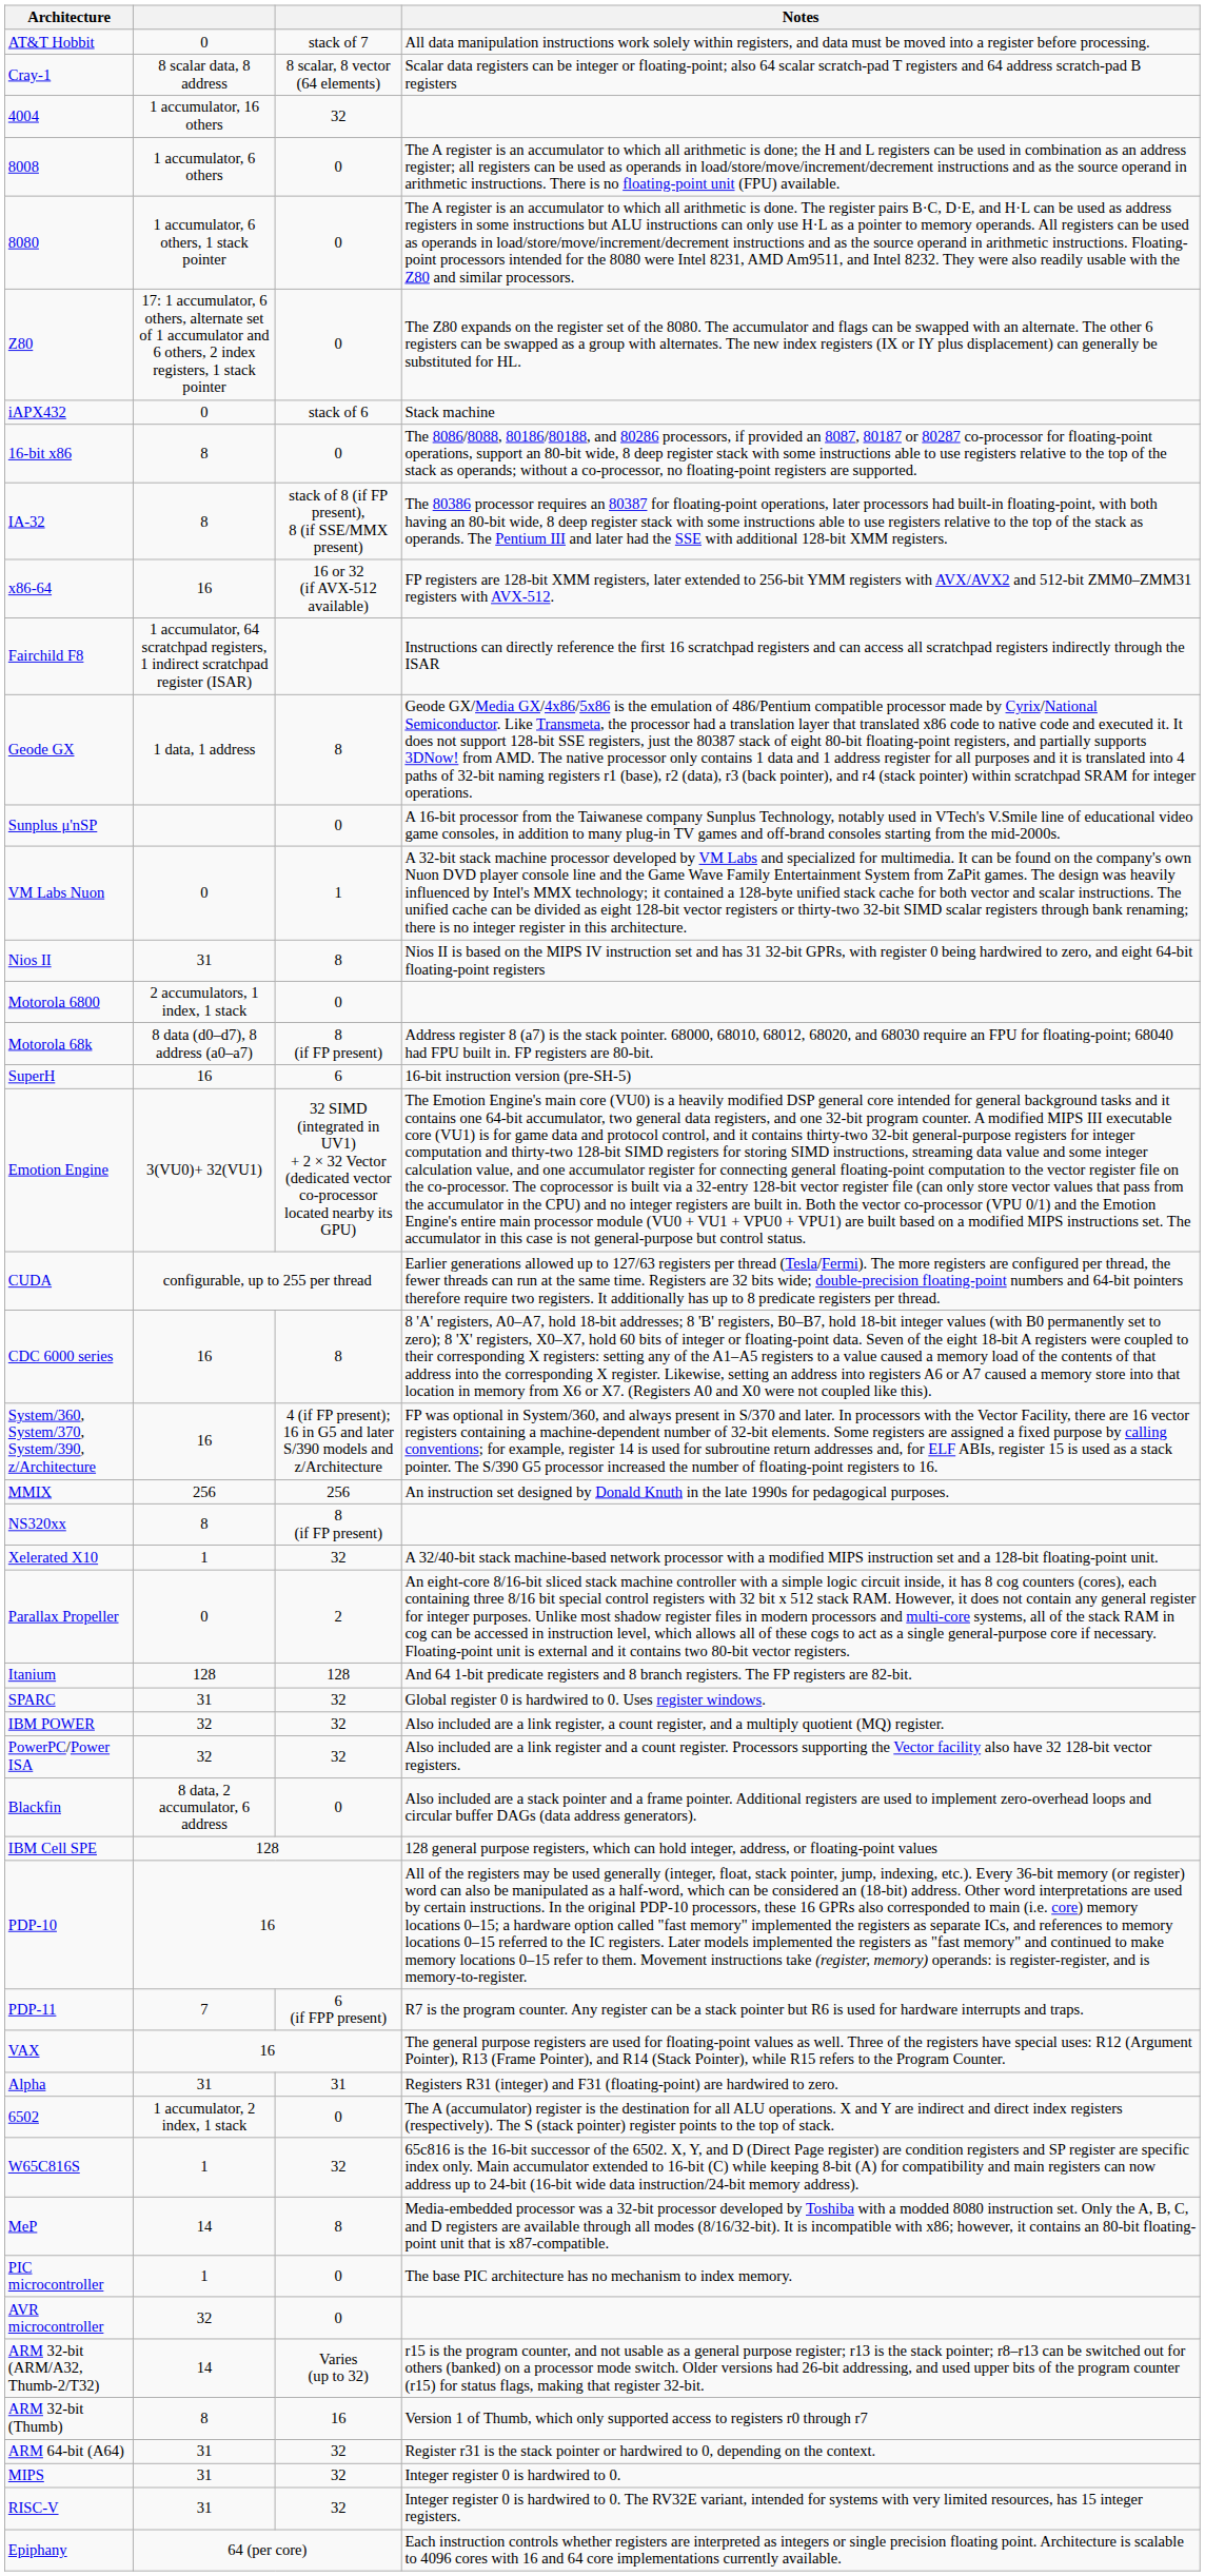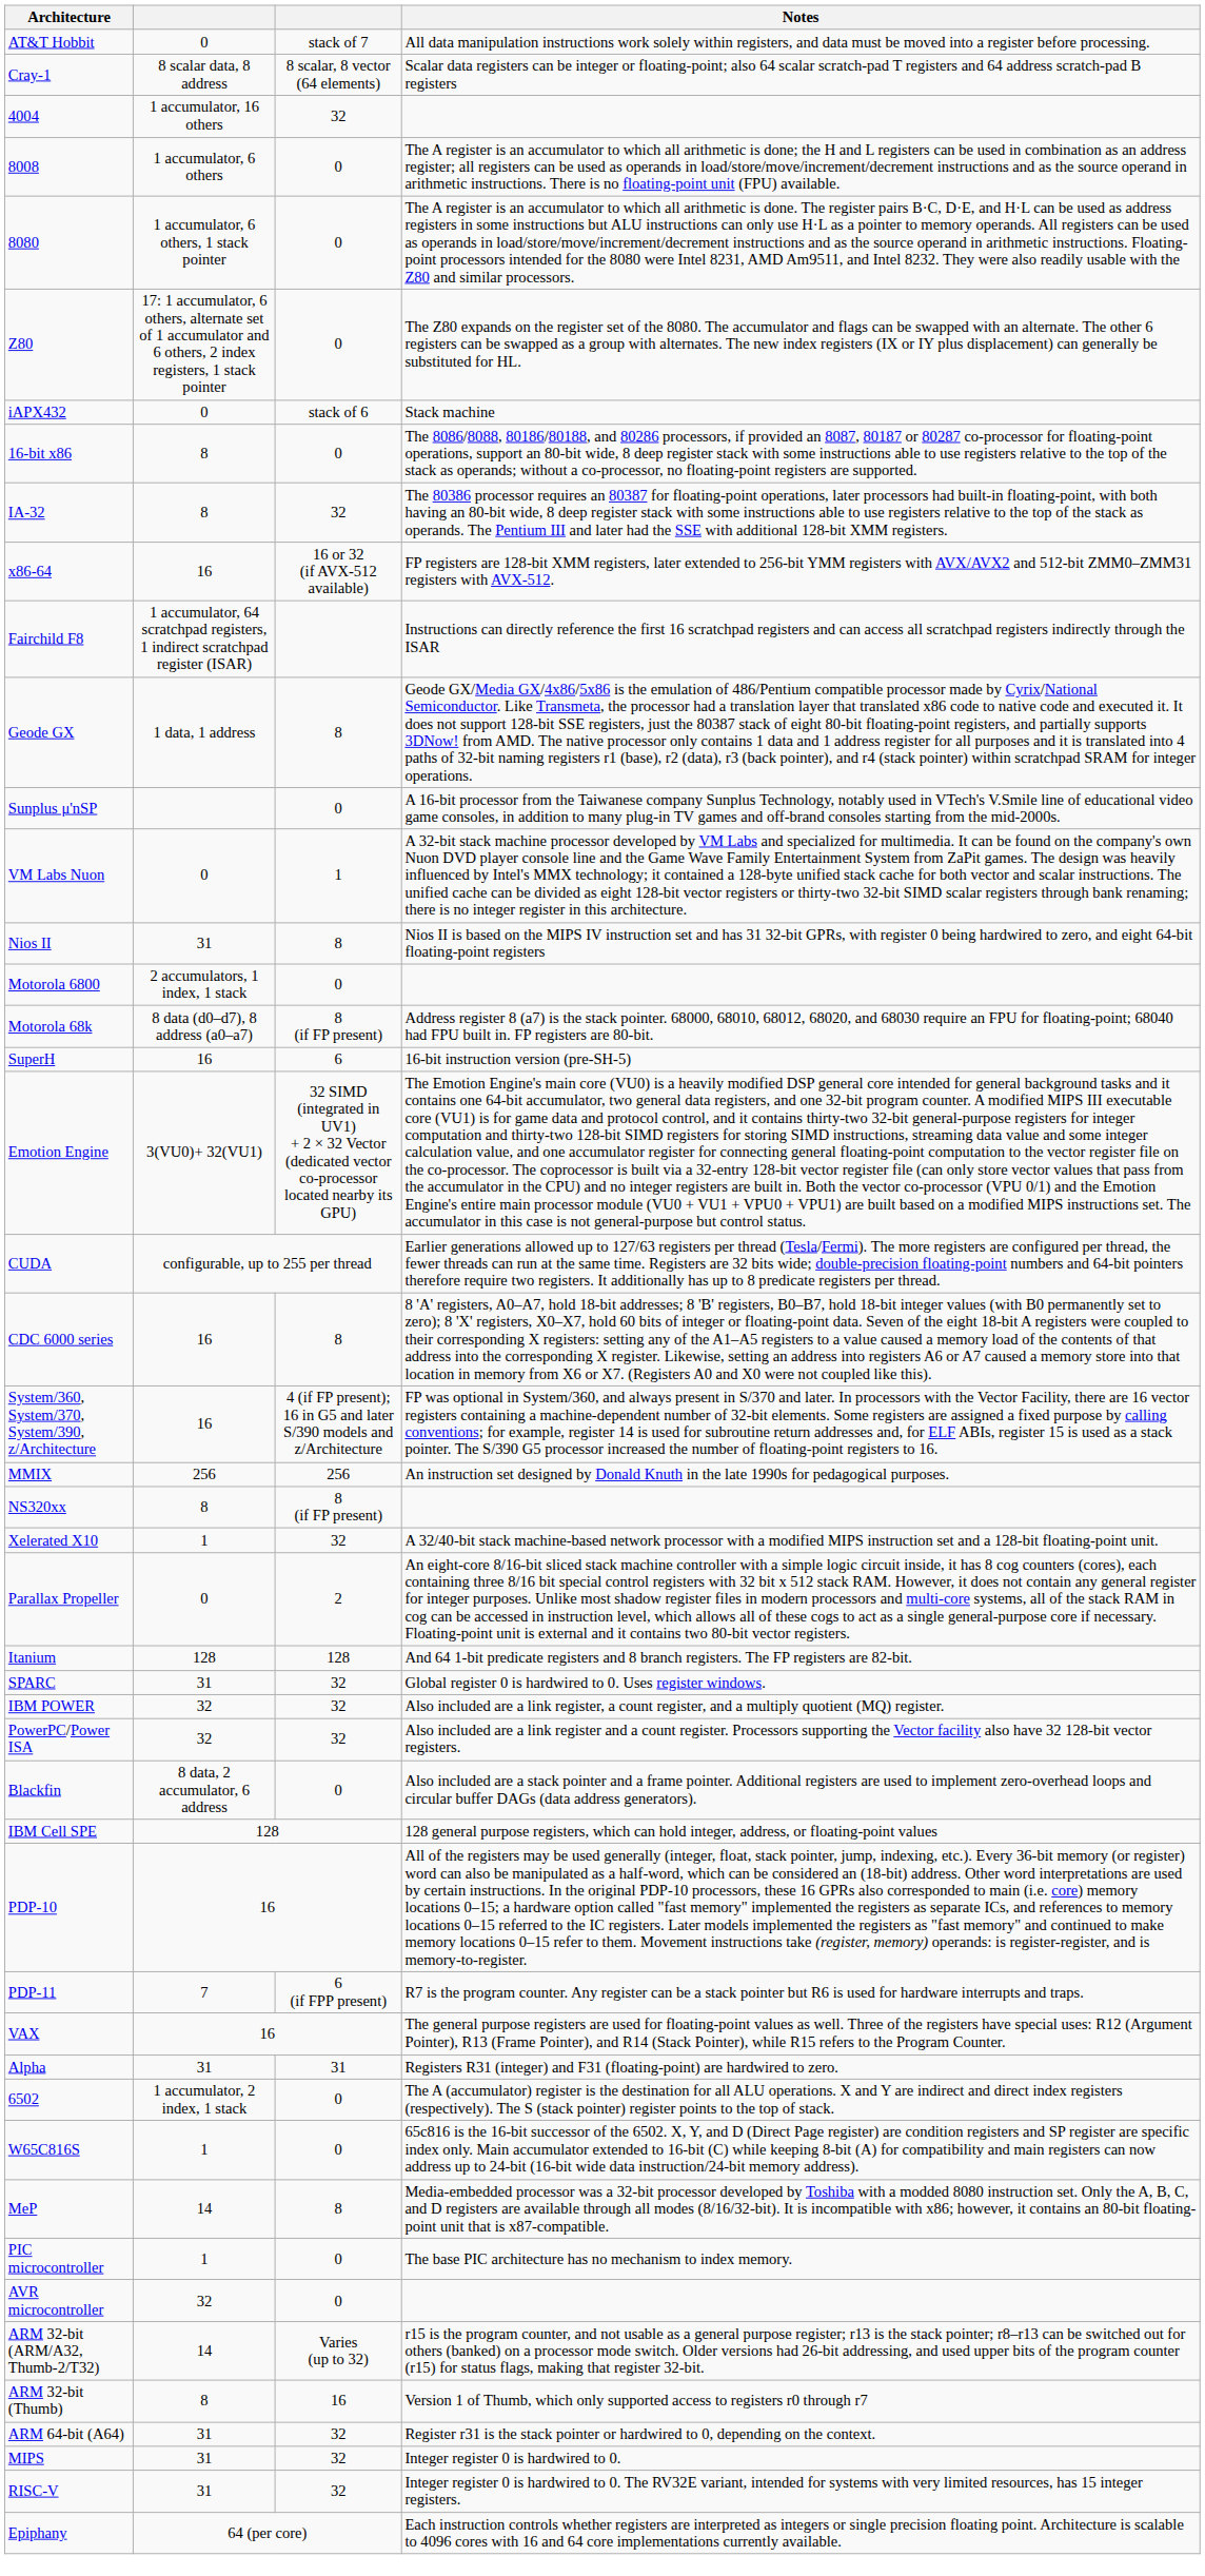 <table class="wikitable sortable  sticky-header" align="left">
 <tr>
 <th>Architecture</th>
 <th></th>
 <th></th>
 <th>Notes</th>
 </tr>
 <tr>
 <td><a href='#'>AT&T Hobbit</a></td>
 <td style="text-align:center;">0</td>
 <td style="text-align:center;">stack of 7</td>
 <td>All data manipulation instructions work solely within registers, and data must be moved into a register before processing.</td>
 </tr>
 <tr>
 <td><a href='#'>Cray-1</a></td>
 <td style="text-align:center;">8 scalar data, 8 address</td>
 <td style="text-align:center;">8 scalar, 8 vector<br>(64 elements)</td>
 <td>Scalar data registers can be integer or floating-point; also 64 scalar scratch-pad T registers and 64 address scratch-pad B registers</td>
 </tr>
 <tr>
 <td><a href='#'>4004</a></td>
 <td style="text-align:center;">1 accumulator, 16 others</td>
 <td style="text-align:center;">32</td>
 <td></td>
 </tr>
 <tr>
 <td><a href='#'>8008</a></td>
 <td style="text-align:center;">1 accumulator, 6 others</td>
 <td style="text-align:center;">0</td>
 <td>The A register is an accumulator to which all arithmetic is done; the H and L registers can be used in combination as an address register; all registers can be used as operands in load/store/move/increment/decrement instructions and as the source operand in arithmetic instructions.  There is no <a href='#'>floating-point unit</a> (FPU) available.</td>
 </tr>
 <tr>
 <td><a href='#'>8080</a></td>
 <td style="text-align:center;">1 accumulator, 6 others, 1 stack pointer</td>
 <td style="text-align:center;">0</td>
 <td>The A register is an accumulator to which all arithmetic is done. The register pairs B·C, D·E, and H·L can be used as address registers in some instructions but ALU instructions can only use H·L as a pointer to memory operands. All registers can be used as operands in load/store/move/increment/decrement instructions and as the source operand in arithmetic instructions. Floating-point processors intended for the 8080 were Intel 8231, AMD Am9511, and Intel 8232. They were also readily usable with the <a href='#'>Z80</a> and similar processors.</td>
 </tr>
 <tr>
 <td><a href='#'>Z80</a></td>
 <td style="text-align:center;">17: 1 accumulator, 6 others, alternate set of 1 accumulator and 6 others, 2 index registers, 1 stack pointer</td>
 <td style="text-align:center;">0</td>
 <td>The Z80 expands on the register set of the 8080. The accumulator and flags can be swapped with an alternate. The other 6 registers can be swapped as a group with alternates. The new index registers (IX or IY plus displacement) can generally be substituted for HL.</td>
 </tr>
 <tr>
 <td><a href='#'>iAPX432</a></td>
 <td style="text-align:center;">0</td>
 <td style="text-align:center;">stack of 6</td>
 <td>Stack machine</td>
 </tr>
 <tr>
 <td><a href='#'>16-bit x86</a></td>
 <td style="text-align:center;">8</td>
 <td style="text-align:center;">0</td>
 <td>The <a href='#'>8086</a>/<a href='#'>8088</a>, <a href='#'>80186</a>/<a href='#'>80188</a>, and <a href='#'>80286</a> processors, if provided an <a href='#'>8087</a>, <a href='#'>80187</a> or <a href='#'>80287</a> co-processor for floating-point operations, support an 80-bit wide, 8 deep register stack with some instructions able to use registers relative to the top of the stack as operands; without a co-processor, no floating-point registers are supported.</td>
 </tr>
 <tr>
 <td><a href='#'>IA-32</a></td>
 <td style="text-align:center;">8</td>
-<td style="text-align:center;">stack of 8 (if FP present),<br>8 (if SSE/MMX present)</td>
+<td style="text-align:center;">32</td>
 <td>The <a href='#'>80386</a> processor requires an <a href='#'>80387</a> for floating-point operations, later processors had built-in floating-point, with both having an 80-bit wide, 8 deep register stack with some instructions able to use registers relative to the top of the stack as operands. The <a href='#'>Pentium III</a> and later had the <a href='#'>SSE</a> with additional 128-bit XMM registers.</td>
 </tr>
 <tr>
 <td><a href='#'>x86-64</a></td>
 <td style="text-align:center;">16</td>
 <td style="text-align:center;">16 or 32<br>(if AVX-512 available)</td>
 <td>FP registers are 128-bit XMM registers, later extended to 256-bit YMM registers with <a href='#'>AVX/AVX2</a> and 512-bit ZMM0–ZMM31 registers with <a href='#'>AVX-512</a>.</td>
 </tr>
 <tr>
 <td><a href='#'>Fairchild F8</a></td>
 <td style="text-align:center;">1 accumulator, 64 scratchpad registers, 1 indirect scratchpad register (ISAR)</td>
 <td></td>
 <td>Instructions can directly reference the first 16 scratchpad registers and can access all scratchpad registers indirectly through the ISAR</td>
 </tr>
 <tr>
 <td><a href='#'>Geode GX</a></td>
 <td style="text-align:center;">1 data, 1 address</td>
 <td style="text-align:center;">8</td>
 <td>Geode GX/<a href='#'>Media GX</a>/<a href='#'>4x86</a>/<a href='#'>5x86</a> is the emulation of 486/Pentium compatible processor made by <a href='#'>Cyrix</a>/<a href='#'>National Semiconductor</a>. Like <a href='#'>Transmeta</a>, the processor had a translation layer that translated x86 code to native code and executed it. It does not support 128-bit SSE registers, just the 80387 stack of eight 80-bit floating-point registers, and partially supports <a href='#'>3DNow!</a> from AMD. The native processor only contains 1 data and 1 address register for all purposes and it is translated into 4 paths of 32-bit naming registers r1 (base), r2 (data), r3 (back pointer), and r4 (stack pointer) within scratchpad SRAM for integer operations.</td>
 </tr>
 <tr>
 <td><a href='#'>Sunplus μ'nSP</a></td>
 <td style="text-align:center;"></td>
 <td style="text-align:center;">0</td>
 <td>A 16-bit processor from the Taiwanese company Sunplus Technology, notably used in VTech's V.Smile line of educational video game consoles, in addition to many plug-in TV games and off-brand consoles starting from the mid-2000s.</td>
 </tr>
 <tr>
 <td><a href='#'>VM Labs Nuon</a></td>
 <td style="text-align:center;">0</td>
 <td style="text-align:center;">1</td>
 <td>A 32-bit stack machine processor developed by <a href='#'>VM Labs</a> and specialized for multimedia. It can be found on the company's own Nuon DVD player console line and the Game Wave Family Entertainment System from ZaPit games. The design was heavily influenced by Intel's MMX technology; it contained a 128-byte unified stack cache for both vector and scalar instructions. The unified cache can be divided as eight 128-bit vector registers or thirty-two 32-bit SIMD scalar registers through bank renaming; there is no integer register in this architecture.</td>
 </tr>
 <tr>
 <td><a href='#'>Nios II</a></td>
 <td style="text-align:center;">31</td>
 <td style="text-align:center;">8</td>
 <td>Nios II is based on the MIPS IV instruction set and has 31 32-bit GPRs, with register 0 being hardwired to zero, and eight 64-bit floating-point registers</td>
 </tr>
 <tr>
 <td><a href='#'>Motorola 6800</a></td>
 <td style="text-align:center;">2 accumulators, 1 index, 1 stack</td>
 <td style="text-align:center;">0</td>
 <td></td>
 </tr>
 <tr>
 <td><a href='#'>Motorola 68k</a></td>
 <td style="text-align:center;">8 data (d0–d7), 8 address (a0–a7)</td>
 <td style="text-align:center;">8<br>(if FP present)</td>
 <td>Address register 8 (a7) is the stack pointer. 68000, 68010, 68012, 68020, and 68030 require an FPU for floating-point; 68040 had FPU built in. FP registers are 80-bit.</td>
 </tr>
 <tr>
 <td><a href='#'>SuperH</a></td>
 <td style="text-align:center;">16</td>
 <td style="text-align:center;">6</td>
 <td>16-bit instruction version (pre-SH-5)</td>
 </tr>
 <tr>
 <td><a href='#'>Emotion Engine</a></td>
 <td style="text-align:center;">3(VU0)+ 32(VU1)</td>
 <td style="text-align:center;">32 SIMD (integrated in UV1)<br>+ 2 × 32 Vector  (dedicated vector co-processor located nearby its GPU)</td>
 <td>The Emotion Engine's main core (VU0) is a heavily modified DSP general core intended for general background tasks and it contains one 64-bit accumulator, two general data registers, and one 32-bit program counter. A modified MIPS III executable core (VU1) is for game data and protocol control, and it contains thirty-two 32-bit general-purpose registers for integer computation and thirty-two 128-bit SIMD registers for storing SIMD instructions, streaming data value and some integer calculation value, and one accumulator register for connecting general floating-point computation to the vector register file on the co-processor. The coprocessor is built via a 32-entry 128-bit vector register file (can only store vector values that pass from the accumulator in the CPU) and no integer registers are built in. Both the vector co-processor (VPU 0/1) and the Emotion Engine's entire main processor module (VU0 + VU1 + VPU0 + VPU1) are built based on a modified MIPS instructions set. The accumulator in this case is not general-purpose but control status.</td>
 </tr>
 <tr>
 <td><a href='#'>CUDA</a></td>
 <td style="text-align: center" colspan="2">configurable, up to 255 per thread</td>
 <td>Earlier generations allowed up to 127/63 registers per thread (<a href='#'>Tesla</a>/<a href='#'>Fermi</a>). The more registers are configured per thread, the fewer threads can run at the same time. Registers are 32 bits wide; <a href='#'>double-precision floating-point</a> numbers and 64-bit pointers therefore require two registers. It additionally has up to 8 predicate registers per thread.</td>
 </tr>
 <tr>
 <td><a href='#'>CDC 6000 series</a></td>
 <td style="text-align:center;">16</td>
 <td style="text-align:center;">8</td>
 <td>8 'A' registers, A0–A7, hold 18-bit addresses; 8 'B' registers, B0–B7, hold 18-bit integer values (with B0 permanently set to zero); 8 'X' registers, X0–X7, hold 60 bits of integer or floating-point data. Seven of the eight 18-bit A registers were coupled to their corresponding X registers: setting any of the A1–A5 registers to a value caused a memory load of the contents of that address into the corresponding X register. Likewise, setting an address into registers A6 or A7 caused a memory store into that location in memory from X6 or X7. (Registers A0 and X0 were not coupled like this).</td>
 </tr>
 <tr>
 <td><a href='#'>System/360</a>, <a href='#'>System/370</a>, <a href='#'>System/390</a>, <a href='#'>z/Architecture</a></td>
 <td style="text-align:center;">16</td>
 <td style="text-align:center;">4 (if FP present);<br>16 in G5 and later S/390 models and z/Architecture</td>
 <td>FP was optional in System/360, and always present in S/370 and later. In processors with the Vector Facility, there are 16 vector registers containing a machine-dependent number of 32-bit elements. Some registers are assigned a fixed purpose by <a href='#'>calling conventions</a>; for example, register 14 is used for subroutine return addresses and, for <a href='#'>ELF</a> ABIs, register 15 is used as a stack pointer. The S/390 G5 processor increased the number of floating-point registers to 16.</td>
 </tr>
 <tr>
 <td><a href='#'>MMIX</a></td>
 <td style="text-align:center;">256</td>
 <td style="text-align:center;">256</td>
 <td>An instruction set designed by <a href='#'>Donald Knuth</a> in the late 1990s for pedagogical purposes.</td>
 </tr>
 <tr>
 <td><a href='#'>NS320xx</a></td>
 <td style="text-align:center;">8</td>
 <td style="text-align:center;">8<br>(if FP present)</td>
 <td></td>
 </tr>
 <tr>
 <td><a href='#'>Xelerated X10</a></td>
 <td style="text-align:center;">1</td>
 <td style="text-align:center;">32</td>
 <td>A 32/40-bit stack machine-based network processor with a modified MIPS instruction set and a 128-bit floating-point unit.</td>
 </tr>
 <tr>
 <td><a href='#'>Parallax Propeller</a></td>
 <td style="text-align:center;">0</td>
 <td style="text-align:center;">2</td>
 <td>An eight-core 8/16-bit sliced stack machine controller with a simple logic circuit inside, it has 8 cog counters (cores), each containing three 8/16 bit special control registers with 32 bit x 512 stack RAM. However, it does not contain any general register for integer purposes. Unlike most shadow register files in modern processors and <a href='#'>multi-core</a> systems, all of the stack RAM in cog can be accessed in instruction level, which allows all of these cogs to act as a single general-purpose core if necessary. Floating-point unit is external and it contains two 80-bit vector registers.</td>
 </tr>
 <tr>
 <td><a href='#'>Itanium</a></td>
 <td style="text-align:center;">128</td>
 <td style="text-align:center;">128</td>
 <td>And 64 1-bit predicate registers and 8 branch registers. The FP registers are 82-bit.</td>
 </tr>
 <tr>
 <td><a href='#'>SPARC</a></td>
 <td style="text-align:center;">31</td>
 <td style="text-align:center;">32</td>
 <td>Global register 0 is hardwired to 0. Uses <a href='#'>register windows</a>.</td>
 </tr>
 <tr>
 <td><a href='#'>IBM POWER</a></td>
 <td style="text-align:center;">32</td>
 <td style="text-align:center;">32</td>
 <td>Also included are a link register, a count register, and a multiply quotient (MQ) register.</td>
 </tr>
 <tr>
 <td><a href='#'>PowerPC</a>/<a href='#'>Power ISA</a></td>
 <td style="text-align:center;">32</td>
 <td style="text-align:center;">32</td>
 <td>Also included are a link register and a count register. Processors supporting the <a href='#'>Vector facility</a> also have 32 128-bit vector registers.</td>
 </tr>
 <tr>
 <td><a href='#'>Blackfin</a></td>
 <td style="text-align:center;">8 data, 2 accumulator, 6 address</td>
 <td style="text-align:center;">0</td>
 <td>Also included are a stack pointer and a frame pointer. Additional registers are used to implement zero-overhead loops and circular buffer DAGs (data address generators).</td>
 </tr>
 <tr>
 <td><a href='#'>IBM Cell SPE</a></td>
 <td style="text-align: center" colspan="2">128</td>
 <td>128 general purpose registers, which can hold integer, address, or floating-point values</td>
 </tr>
 <tr>
 <td><a href='#'>PDP-10</a></td>
 <td style="text-align: center" colspan="2">16</td>
 <td>All of the registers may be used generally (integer, float, stack pointer, jump, indexing, etc.). Every 36-bit memory (or register) word can also be manipulated as a half-word, which can be considered an (18-bit) address. Other word interpretations are used by certain instructions. In the original PDP-10 processors, these 16 GPRs also corresponded to main (i.e. <a href='#'>core</a>) memory locations 0–15; a hardware option called "fast memory" implemented the registers as separate ICs, and references to memory locations 0–15 referred to the IC registers.  Later models implemented the registers as "fast memory" and continued to make memory locations 0–15 refer to them. Movement instructions take <em>(register, memory)</em> operands:  is register-register, and  is memory-to-register.</td>
 </tr>
 <tr>
 <td><a href='#'>PDP-11</a></td>
 <td style="text-align:center;">7</td>
 <td style="text-align:center;">6<br>(if FPP present)</td>
 <td>R7 is the program counter. Any register can be a stack pointer but R6 is used for hardware interrupts and traps.</td>
 </tr>
 <tr>
 <td><a href='#'>VAX</a></td>
 <td style="text-align: center" colspan="2">16</td>
 <td>The general purpose registers are used for floating-point values as well. Three of the registers have special uses: R12 (Argument Pointer), R13 (Frame Pointer), and R14 (Stack Pointer), while R15 refers to the Program Counter.</td>
 </tr>
 <tr>
 <td><a href='#'>Alpha</a></td>
 <td style="text-align:center;">31</td>
 <td style="text-align:center;">31</td>
 <td>Registers R31 (integer) and F31 (floating-point) are hardwired to zero.</td>
 </tr>
 <tr>
 <td><a href='#'>6502</a></td>
 <td style="text-align:center;">1 accumulator, 2 index, 1 stack</td>
 <td style="text-align:center;">0</td>
 <td>The A (accumulator) register is the destination for all ALU operations.  X and Y are indirect and direct index registers (respectively). The S (stack pointer) register points to the top of stack.</td>
 </tr>
 <tr>
 <td><a href='#'>W65C816S</a></td>
 <td style="text-align:center;">1</td>
-<td style="text-align:center;">32</td>
+<td style="text-align:center;">0</td>
 <td>65c816 is the 16-bit successor of the 6502. X, Y, and D (Direct Page register) are condition registers and SP register are specific index only. Main accumulator extended to 16-bit (C) while keeping 8-bit (A) for compatibility and main registers can now address up to 24-bit (16-bit wide data instruction/24-bit memory address).</td>
 </tr>
 <tr>
 <td><a href='#'>MeP</a></td>
 <td style="text-align:center;">14</td>
 <td style="text-align:center;">8</td>
 <td>Media-embedded processor was a 32-bit processor developed by <a href='#'>Toshiba</a> with a modded 8080 instruction set. Only the A, B, C, and D registers are available through all modes (8/16/32-bit). It is incompatible with x86; however, it contains an 80-bit floating-point unit that is x87-compatible.</td>
 </tr>
 <tr>
 <td><a href='#'>PIC microcontroller</a></td>
 <td style="text-align:center;">1</td>
 <td style="text-align:center;">0</td>
 <td>The base PIC architecture has no mechanism to index memory.</td>
 </tr>
 <tr>
 <td><a href='#'>AVR microcontroller</a></td>
 <td style="text-align:center;">32</td>
 <td style="text-align:center;">0</td>
 <td></td>
 </tr>
 <tr>
 <td><a href='#'>ARM</a> 32-bit (ARM/A32, Thumb-2/T32)</td>
 <td style="text-align:center;">14</td>
 <td style="text-align:center;">Varies<br>(up to 32)</td>
 <td>r15 is the program counter, and not usable as a general purpose register; r13 is the stack pointer; r8–r13 can be switched out for others (banked) on a processor mode switch. Older versions had 26-bit addressing, and used upper bits of the program counter (r15) for status flags, making that register 32-bit.</td>
 </tr>
 <tr>
 <td><a href='#'>ARM</a> 32-bit (Thumb)</td>
 <td style="text-align:center;">8</td>
 <td style="text-align:center;">16</td>
 <td>Version 1 of Thumb, which only supported access to registers r0 through r7</td>
 </tr>
 <tr>
 <td><a href='#'>ARM</a> 64-bit (A64) </td>
 <td style="text-align:center;">31</td>
 <td style="text-align:center;">32</td>
 <td>Register r31 is the stack pointer or hardwired to 0, depending on the context.</td>
 </tr>
 <tr>
 <td><a href='#'>MIPS</a></td>
 <td style="text-align:center;">31</td>
 <td style="text-align:center;">32</td>
 <td>Integer register 0 is hardwired to 0.</td>
 </tr>
 <tr>
 <td><a href='#'>RISC-V</a></td>
 <td style="text-align:center;">31</td>
 <td style="text-align:center;">32</td>
 <td>Integer register 0 is hardwired to 0. The RV32E variant, intended for systems with very limited resources, has 15 integer registers.</td>
 </tr>
 <tr>
 <td><a href='#'>Epiphany</a></td>
 <td style="text-align: center" colspan="2">64 (per core)</td>
 <td>Each instruction controls whether registers are interpreted as integers or single precision floating point. Architecture is scalable to 4096 cores with 16 and 64 core implementations currently available.</td>
 </tr>
 </table>
